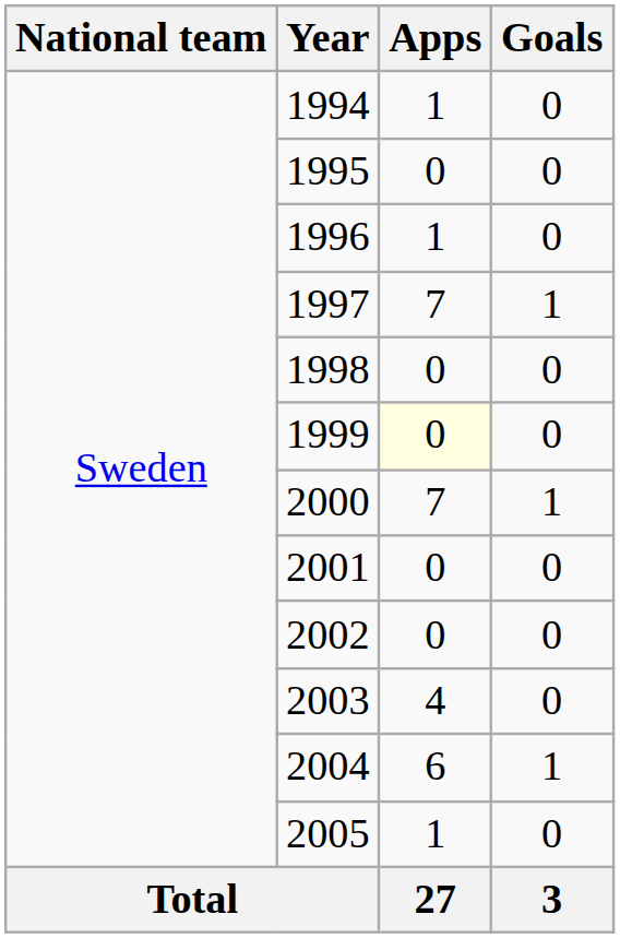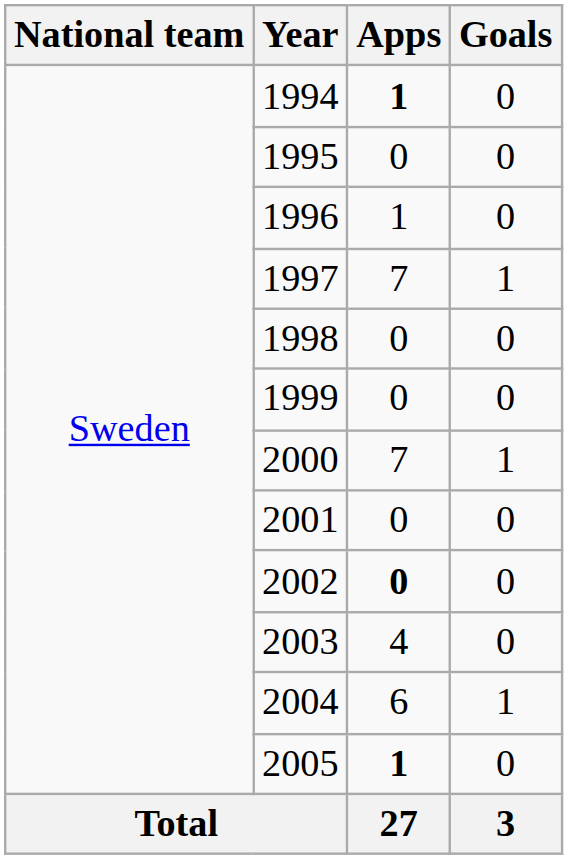 <table class="wikitable" style="text-align:center">
 <tr>
 <th>National team</th>
 <th>Year</th>
 <th>Apps</th>
 <th>Goals</th>
 </tr>
 <tr>
 <td rowspan="12"><a href='#'>Sweden</a></td>
 <td>1994</td>
-<td>1</td>
+<td><strong>1</strong></td>
 <td>0</td>
 </tr>
 <tr>
 <td>1995</td>
 <td>0</td>
 <td>0</td>
 </tr>
 <tr>
 <td>1996</td>
 <td>1</td>
 <td>0</td>
 </tr>
 <tr>
 <td>1997</td>
 <td>7</td>
 <td>1</td>
 </tr>
 <tr>
 <td>1998</td>
 <td>0</td>
 <td>0</td>
 </tr>
 <tr>
 <td>1999</td>
-<td style="background: lightyellow;">0</td>
+<td>0</td>
 <td>0</td>
 </tr>
 <tr>
 <td>2000</td>
 <td>7</td>
 <td>1</td>
 </tr>
 <tr>
 <td>2001</td>
 <td>0</td>
 <td>0</td>
 </tr>
 <tr>
 <td>2002</td>
-<td>0</td>
+<td><strong>0</strong></td>
 <td>0</td>
 </tr>
 <tr>
 <td>2003</td>
 <td>4</td>
 <td>0</td>
 </tr>
 <tr>
 <td>2004</td>
 <td>6</td>
 <td>1</td>
 </tr>
 <tr>
 <td>2005</td>
-<td>1</td>
+<td><strong>1</strong></td>
 <td>0</td>
 </tr>
 <tr>
 <th colspan="2">Total</th>
 <th>27</th>
 <th>3</th>
 </tr>
 </table>
